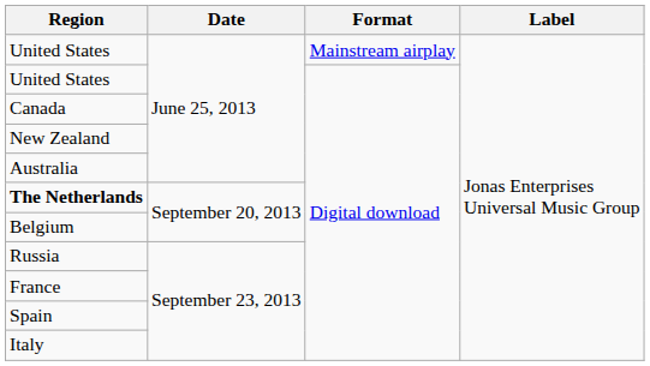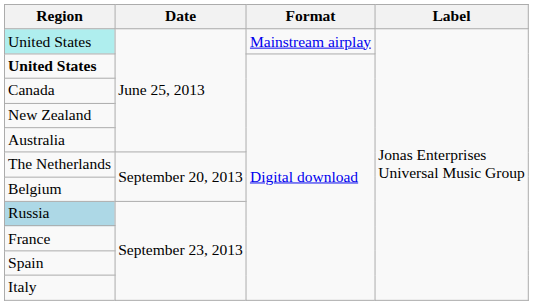 <table class="wikitable plainrowheaders">
 <tr>
 <th>Region</th>
 <th>Date</th>
 <th>Format</th>
 <th>Label</th>
 </tr>
 <tr>
-<td>United States</td>
+<td style="background: paleturquoise;">United States</td>
 <td rowspan="5">June 25, 2013</td>
 <td><a href='#'>Mainstream airplay</a></td>
 <td rowspan="12">Jonas Enterprises <br> Universal Music Group</td>
 </tr>
 <tr>
-<td>United States</td>
+<td><strong>United States</strong></td>
 <td rowspan="12"><a href='#'>Digital download</a></td>
 </tr>
 <tr>
 <td>Canada</td>
 </tr>
 <tr>
 <td>New Zealand</td>
 </tr>
 <tr>
 <td>Australia</td>
 </tr>
 <tr>
-<td><strong>The Netherlands</strong></td>
+<td>The Netherlands</td>
 <td rowspan="2">September 20, 2013</td>
 </tr>
 <tr>
 <td>Belgium</td>
 </tr>
 <tr>
-<td>Russia</td>
+<td style="background: lightblue;">Russia</td>
 <td rowspan="4">September 23, 2013</td>
 </tr>
 <tr>
 <td>France</td>
 </tr>
 <tr>
 <td>Spain</td>
 </tr>
 <tr>
 <td>Italy</td>
 </tr>
 </table>
